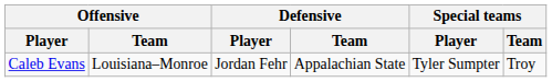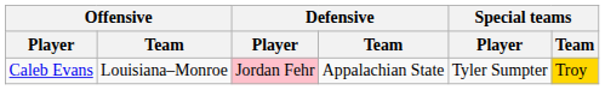 <table class="wikitable">
 <tr>
 <th colspan="2">Offensive</th>
 <th colspan="2">Defensive</th>
 <th colspan="2">Special teams</th>
 </tr>
 <tr>
 <th>Player</th>
 <th>Team</th>
 <th>Player</th>
 <th>Team</th>
 <th>Player</th>
 <th>Team</th>
 </tr>
 <tr>
 <td><a href='#'>Caleb Evans</a></td>
 <td>Louisiana–Monroe</td>
-<td>Jordan Fehr</td>
+<td style="background: pink;">Jordan Fehr</td>
 <td>Appalachian State</td>
 <td>Tyler Sumpter</td>
-<td>Troy</td>
+<td style="background: gold;">Troy</td>
 </tr>
 </table>
